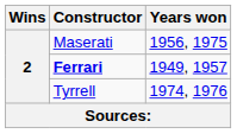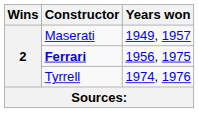 <table class="wikitable" style="font-size: 95%;">
 <tr>
 <th>Wins</th>
 <th>Constructor</th>
 <th>Years won</th>
 </tr>
 <tr>
 <th rowspan="3">2</th>
 <td> <a href='#'>Maserati</a></td>
-<td><span><a href='#'>1956</a></span>, <a href='#'>1975</a></td>
+<td><span><a href='#'>1949</a>, <a href='#'>1957</a></span></td>
 </tr>
 <tr>
 <td><strong> <a href='#'>Ferrari</a></strong></td>
-<td><span><a href='#'>1949</a>, <a href='#'>1957</a></span></td>
+<td><span><a href='#'>1956</a></span>, <a href='#'>1975</a></td>
 </tr>
 <tr>
 <td> <a href='#'>Tyrrell</a></td>
 <td><a href='#'>1974</a>, <a href='#'>1976</a></td>
 </tr>
 <tr>
 <th colspan="3">Sources:</th>
 </tr>
 </table>
